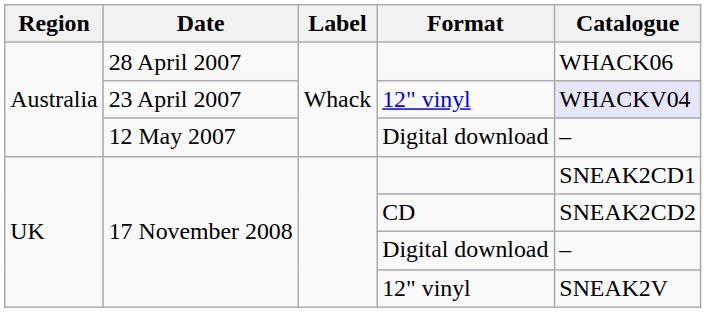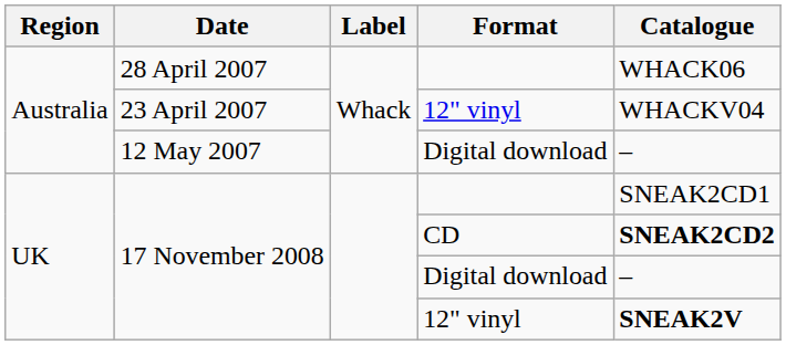 <table class="wikitable">
 <tr>
 <th>Region</th>
 <th>Date</th>
 <th>Label</th>
 <th>Format</th>
 <th>Catalogue</th>
 </tr>
 <tr>
 <td rowspan="3">Australia</td>
 <td>28 April 2007</td>
 <td rowspan="3">Whack</td>
 <td></td>
 <td>WHACK06</td>
 </tr>
 <tr>
 <td>23 April 2007</td>
 <td><a href='#'>12" vinyl</a></td>
-<td style="background: lavender;">WHACKV04</td>
+<td>WHACKV04</td>
 </tr>
 <tr>
 <td>12 May 2007</td>
 <td>Digital download</td>
 <td>–</td>
 </tr>
 <tr>
 <td rowspan="4">UK</td>
 <td rowspan="4">17 November 2008</td>
 <td rowspan="4"></td>
 <td></td>
 <td>SNEAK2CD1</td>
 </tr>
 <tr>
 <td>CD</td>
-<td>SNEAK2CD2</td>
+<td><strong>SNEAK2CD2</strong></td>
 </tr>
 <tr>
 <td>Digital download</td>
 <td>–</td>
 </tr>
 <tr>
 <td>12" vinyl</td>
-<td>SNEAK2V</td>
+<td><strong>SNEAK2V</strong></td>
 </tr>
 </table>
